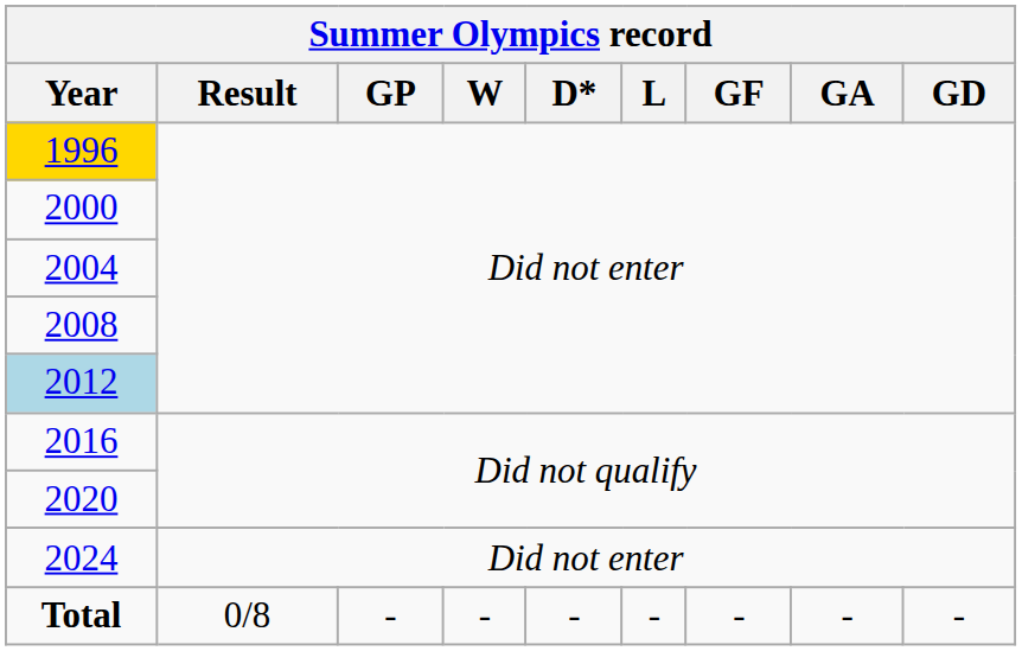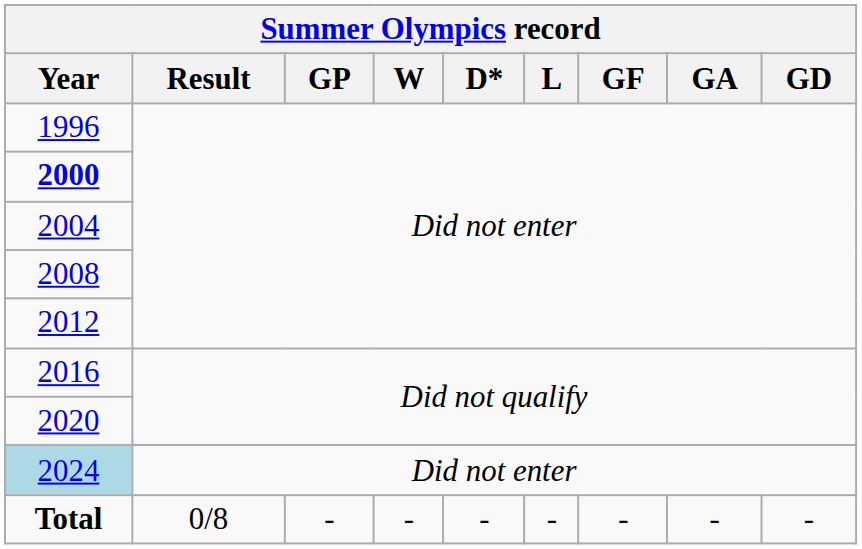 <table class="wikitable" style="text-align: center; width:50%;">
 <tr>
 <th colspan=10><a href='#'>Summer Olympics</a> record</th>
 </tr>
 <tr>
 <th>Year</th>
 <th>Result</th>
 <th>GP</th>
 <th>W</th>
 <th>D*</th>
 <th>L</th>
 <th>GF</th>
 <th>GA</th>
 <th>GD</th>
 </tr>
 <tr>
-<td style="background: gold;"> <a href='#'>1996</a></td>
+<td> <a href='#'>1996</a></td>
 <td colspan=8 rowspan=5><em>Did not enter</em></td>
 </tr>
 <tr>
-<td> <a href='#'>2000</a></td>
+<td><strong> <a href='#'>2000</a></strong></td>
 </tr>
 <tr>
 <td> <a href='#'>2004</a></td>
 </tr>
 <tr>
 <td> <a href='#'>2008</a></td>
 </tr>
 <tr>
-<td style="background: lightblue;"> <a href='#'>2012</a></td>
+<td> <a href='#'>2012</a></td>
 </tr>
 <tr>
 <td> <a href='#'>2016</a></td>
 <td colspan=8 rowspan=2><em>Did not qualify</em></td>
 </tr>
 <tr>
 <td> <a href='#'>2020</a></td>
 </tr>
 <tr>
-<td> <a href='#'>2024</a></td>
+<td style="background: lightblue;"> <a href='#'>2024</a></td>
 <td colspan=8><em>Did not enter</em></td>
 </tr>
 <tr>
 <td><strong>Total</strong></td>
 <td>0/8</td>
 <td>-</td>
 <td>-</td>
 <td>-</td>
 <td>-</td>
 <td>-</td>
 <td>-</td>
 <td>-</td>
 </tr>
 </table>
